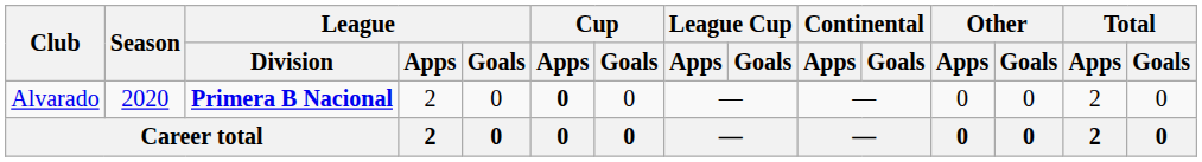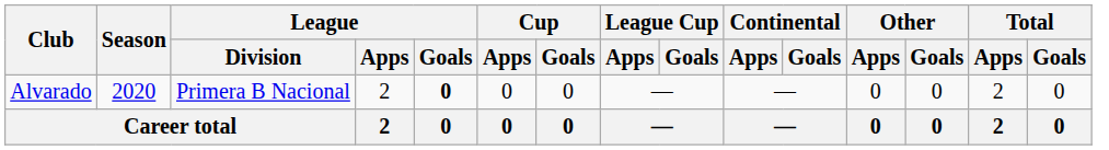 <table class="wikitable" style="text-align:center">
 <tr>
 <th rowspan="2">Club</th>
 <th rowspan="2">Season</th>
 <th colspan="3">League</th>
 <th colspan="2">Cup</th>
 <th colspan="2">League Cup</th>
 <th colspan="2">Continental</th>
 <th colspan="2">Other</th>
 <th colspan="2">Total</th>
 </tr>
 <tr>
 <th>Division</th>
 <th>Apps</th>
 <th>Goals</th>
 <th>Apps</th>
 <th>Goals</th>
 <th>Apps</th>
 <th>Goals</th>
 <th>Apps</th>
 <th>Goals</th>
 <th>Apps</th>
 <th>Goals</th>
 <th>Apps</th>
 <th>Goals</th>
 </tr>
 <tr>
 <td rowspan="1"><a href='#'>Alvarado</a></td>
 <td><a href='#'>2020</a></td>
-<td rowspan="1"><strong><a href='#'>Primera B Nacional</a></strong></td>
+<td rowspan="1"><a href='#'>Primera B Nacional</a></td>
 <td>2</td>
+<td><strong>0</strong></td>
 <td>0</td>
-<td><strong>0</strong></td>
 <td>0</td>
 <td colspan="2">—</td>
 <td colspan="2">—</td>
 <td>0</td>
 <td>0</td>
 <td>2</td>
 <td>0</td>
 </tr>
 <tr>
 <th colspan="3">Career total</th>
 <th>2</th>
 <th>0</th>
 <th>0</th>
 <th>0</th>
 <th colspan="2">—</th>
 <th colspan="2">—</th>
 <th>0</th>
 <th>0</th>
 <th>2</th>
 <th>0</th>
 </tr>
 </table>
